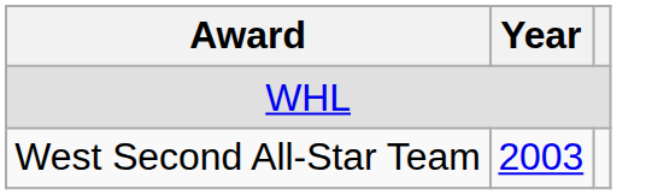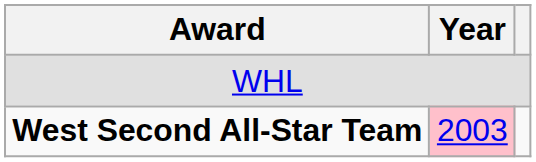 <table class="wikitable">
 <tr>
 <th>Award</th>
 <th>Year</th>
 <th></th>
 </tr>
 <tr ALIGN="center" bgcolor="#e0e0e0">
 <td colspan="3"><a href='#'>WHL</a></td>
 </tr>
 <tr>
-<td>West Second All-Star Team</td>
-<td><a href='#'>2003</a></td>
+<td><strong>West Second All-Star Team</strong></td>
+<td style="background: pink;"><a href='#'>2003</a></td>
 <td></td>
 </tr>
 </table>
